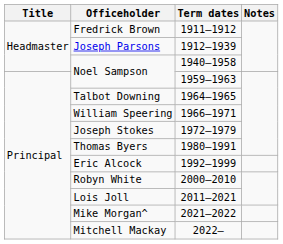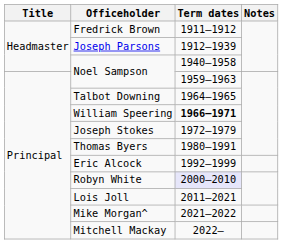 <table class="wikitable sortable">
 <tr>
 <th>Title</th>
 <th>Officeholder</th>
 <th>Term dates</th>
 <th>Notes</th>
 </tr>
 <tr>
 <td rowspan="3">Headmaster</td>
 <td>Fredrick Brown</td>
 <td align="center">1911–1912</td>
 <td rowspan="3"></td>
 </tr>
 <tr>
 <td><a href='#'>Joseph Parsons</a></td>
 <td align="center">1912–1939</td>
 </tr>
 <tr>
 <td rowspan="2">Noel Sampson</td>
 <td align="center">1940–1958</td>
 </tr>
 <tr>
 <td rowspan="10">Principal</td>
 <td align="center">1959–1963</td>
 <td rowspan="5"></td>
 </tr>
 <tr>
 <td>Talbot Downing</td>
 <td align="center">1964–1965</td>
 </tr>
 <tr>
 <td>William Speering</td>
-<td align="center">1966–1971</td>
+<td align="center"><strong>1966–1971</strong></td>
 </tr>
 <tr>
 <td>Joseph Stokes</td>
 <td align="center">1972–1979</td>
 </tr>
 <tr>
 <td>Thomas Byers</td>
 <td align="center">1980–1991</td>
 </tr>
 <tr>
 <td>Eric Alcock</td>
 <td align="center">1992–1999</td>
 <td></td>
 </tr>
 <tr>
 <td>Robyn White</td>
-<td align="center">2000–2010</td>
+<td align="center" style="background: lavender;">2000–2010</td>
 <td rowspan="2"></td>
 </tr>
 <tr>
 <td>Lois Joll</td>
 <td align="center">2011–2021</td>
 </tr>
 <tr>
 <td>Mike Morgan^</td>
 <td align="center">2021–2022</td>
 <td></td>
 </tr>
 <tr>
 <td>Mitchell Mackay</td>
 <td align="center">2022–</td>
 </tr>
 </table>
